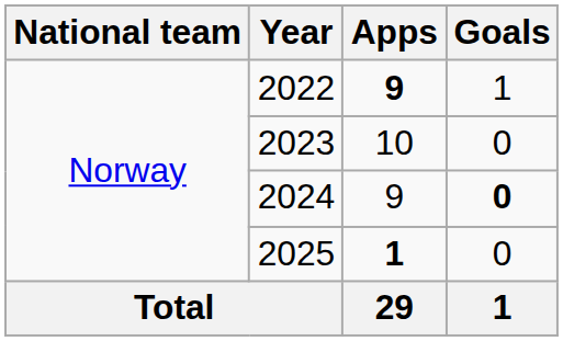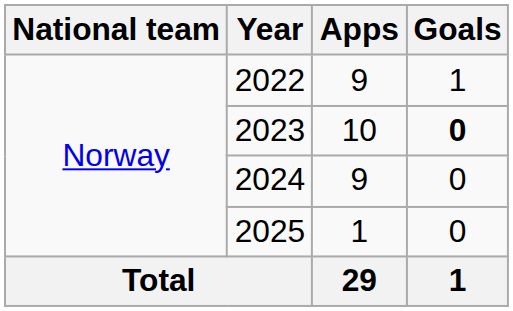 <table class=wikitable style=text-align:center>
 <tr>
 <th>National team</th>
 <th>Year</th>
 <th>Apps</th>
 <th>Goals</th>
 </tr>
 <tr>
 <td rowspan="4"><a href='#'>Norway</a></td>
 <td>2022</td>
-<td><strong>9</strong></td>
+<td>9</td>
 <td>1</td>
 </tr>
 <tr>
 <td>2023</td>
 <td>10</td>
-<td>0</td>
+<td><strong>0</strong></td>
 </tr>
 <tr>
 <td>2024</td>
 <td>9</td>
-<td><strong>0</strong></td>
+<td>0</td>
 </tr>
 <tr>
 <td>2025</td>
-<td><strong>1</strong></td>
+<td>1</td>
 <td>0</td>
 </tr>
 <tr>
 <th colspan=2>Total</th>
 <th>29</th>
 <th>1</th>
 </tr>
 </table>
